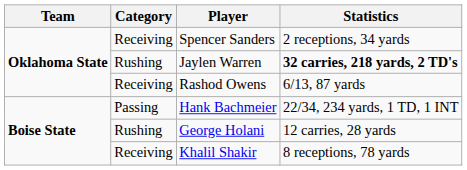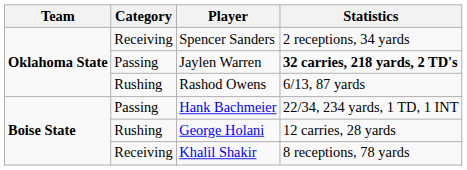 <table class="wikitable" style="float: right;">
 <tr>
 <th>Team</th>
 <th>Category</th>
 <th>Player</th>
 <th>Statistics</th>
 </tr>
 <tr>
 <td rowspan=3><strong>Oklahoma State</strong></td>
 <td>Receiving</td>
 <td>Spencer Sanders</td>
 <td>2 receptions, 34 yards</td>
 </tr>
 <tr>
-<td>Rushing</td>
+<td>Passing</td>
 <td>Jaylen Warren</td>
 <td><strong>32 carries, 218 yards, 2 TD's</strong></td>
 </tr>
 <tr>
-<td>Receiving</td>
+<td>Rushing</td>
 <td>Rashod Owens</td>
 <td>6/13, 87 yards</td>
 </tr>
 <tr>
 <td rowspan=3><strong>Boise State</strong></td>
 <td>Passing</td>
 <td><a href='#'>Hank Bachmeier</a></td>
 <td>22/34, 234 yards, 1 TD, 1 INT</td>
 </tr>
 <tr>
 <td>Rushing</td>
 <td><a href='#'>George Holani</a></td>
 <td>12 carries, 28 yards</td>
 </tr>
 <tr>
 <td>Receiving</td>
 <td><a href='#'>Khalil Shakir</a></td>
 <td>8 receptions, 78 yards</td>
 </tr>
 </table>
